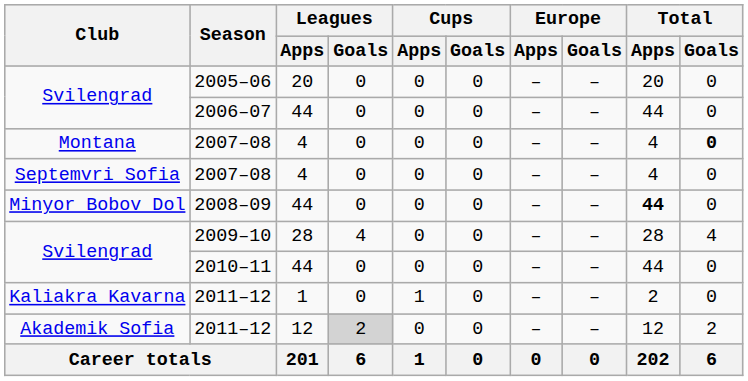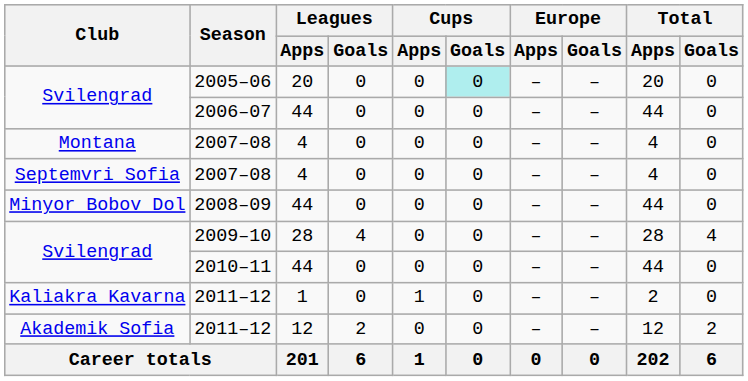 <table class="wikitable" style="font-size:90%; text-align: center;">
 <tr>
 <th rowspan="2">Club</th>
 <th rowspan="2">Season</th>
 <th colspan="2">Leagues</th>
 <th colspan="2">Cups</th>
 <th colspan="2">Europe</th>
 <th colspan="2">Total</th>
 </tr>
 <tr>
 <th>Apps</th>
 <th>Goals</th>
 <th>Apps</th>
 <th>Goals</th>
 <th>Apps</th>
 <th>Goals</th>
 <th>Apps</th>
 <th>Goals</th>
 </tr>
 <tr interview with nikola minkova sir>
 <td rowspan="2" valign="center"><a href='#'>Svilengrad</a></td>
 <td>2005–06</td>
 <td>20</td>
 <td>0</td>
 <td>0</td>
-<td>0</td>
+<td style="background: paleturquoise;">0</td>
 <td>–</td>
 <td>–</td>
 <td>20</td>
 <td>0</td>
 </tr>
 <tr>
 <td>2006–07</td>
 <td>44</td>
 <td>0</td>
 <td>0</td>
 <td>0</td>
 <td>–</td>
 <td>–</td>
 <td>44</td>
 <td>0</td>
 </tr>
 <tr>
 <td rowspan="1" valign="center"><a href='#'>Montana</a></td>
 <td>2007–08</td>
 <td>4</td>
 <td>0</td>
 <td>0</td>
 <td>0</td>
 <td>–</td>
 <td>–</td>
 <td>4</td>
-<td><strong>0</strong></td>
+<td>0</td>
 </tr>
 <tr>
 <td rowspan="1" valign="center"><a href='#'>Septemvri Sofia</a></td>
 <td>2007–08</td>
 <td>4</td>
 <td>0</td>
 <td>0</td>
 <td>0</td>
 <td>–</td>
 <td>–</td>
 <td>4</td>
 <td>0</td>
 </tr>
 <tr>
 <td rowspan="1" valign="center"><a href='#'>Minyor Bobov Dol</a></td>
 <td>2008–09</td>
 <td>44</td>
 <td>0</td>
 <td>0</td>
 <td>0</td>
 <td>–</td>
 <td>–</td>
-<td><strong>44</strong></td>
+<td>44</td>
 <td>0</td>
 </tr>
 <tr>
 <td rowspan="2" valign="center"><a href='#'>Svilengrad</a></td>
 <td>2009–10</td>
 <td>28</td>
 <td>4</td>
 <td>0</td>
 <td>0</td>
 <td>–</td>
 <td>–</td>
 <td>28</td>
 <td>4</td>
 </tr>
 <tr>
 <td>2010–11</td>
 <td>44</td>
 <td>0</td>
 <td>0</td>
 <td>0</td>
 <td>–</td>
 <td>–</td>
 <td>44</td>
 <td>0</td>
 </tr>
 <tr>
 <td rowspan="1" valign="center"><a href='#'>Kaliakra Kavarna</a></td>
 <td>2011–12</td>
 <td>1</td>
 <td>0</td>
 <td>1</td>
 <td>0</td>
 <td>–</td>
 <td>–</td>
 <td>2</td>
 <td>0</td>
 </tr>
 <tr>
 <td rowspan="1" valign="center"><a href='#'>Akademik Sofia</a></td>
 <td>2011–12</td>
 <td>12</td>
-<td style="background: lightgrey;">2</td>
+<td>2</td>
 <td>0</td>
 <td>0</td>
 <td>–</td>
 <td>–</td>
 <td>12</td>
 <td>2</td>
 </tr>
 <tr>
 <th colspan="2">Career totals</th>
 <th>201</th>
 <th>6</th>
 <th>1</th>
 <th>0</th>
 <th>0</th>
 <th>0</th>
 <th>202</th>
 <th>6</th>
 </tr>
 </table>
